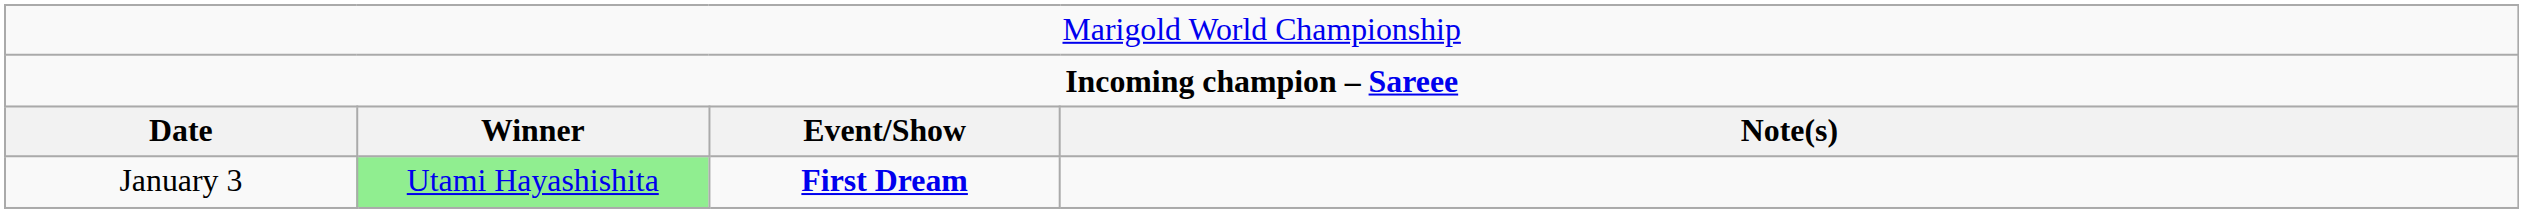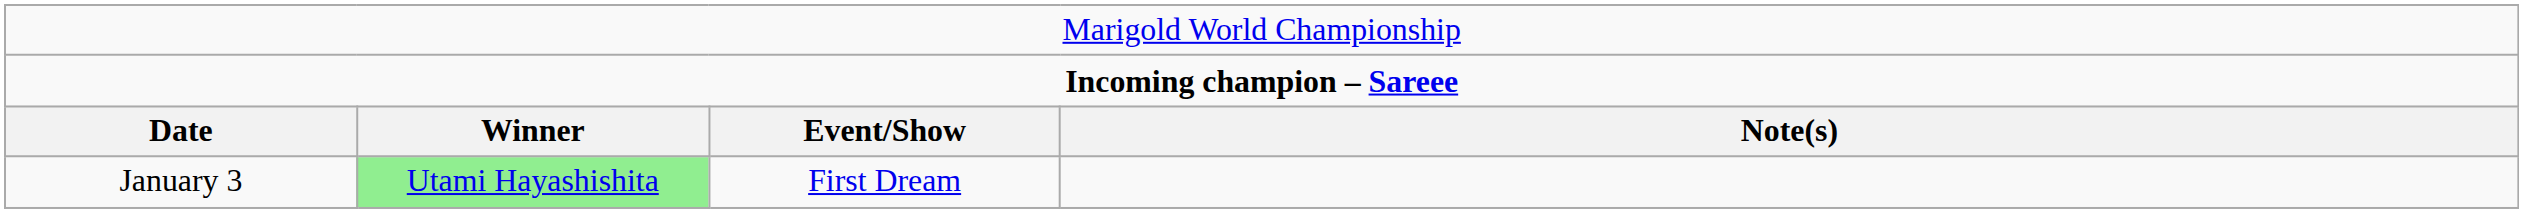 <table class="wikitable" style="text-align:center; width:100%;">
 <tr>
 <td colspan="4" style="text-align: center;"><a href='#'>Marigold World Championship</a></td>
 </tr>
 <tr>
 <td colspan="4" style="text-align: center;"><strong>Incoming champion – <a href='#'>Sareee</a></strong></td>
 </tr>
 <tr>
 <th width=14%>Date</th>
 <th width=14%>Winner</th>
 <th width=14%>Event/Show</th>
 <th width=58%>Note(s)</th>
 </tr>
 <tr>
 <td>January 3</td>
 <td style="background: lightgreen;"><a href='#'>Utami Hayashishita</a></td>
-<td><strong><a href='#'>First Dream</a></strong></td>
+<td><a href='#'>First Dream</a></td>
 <td></td>
 </tr>
 </table>
